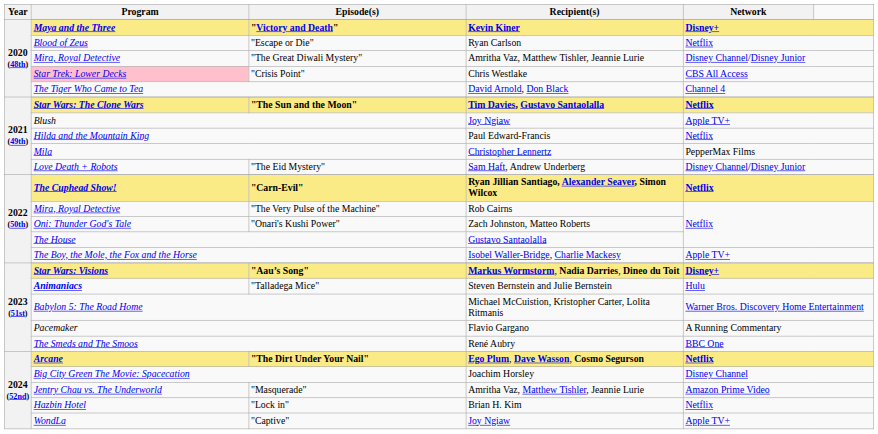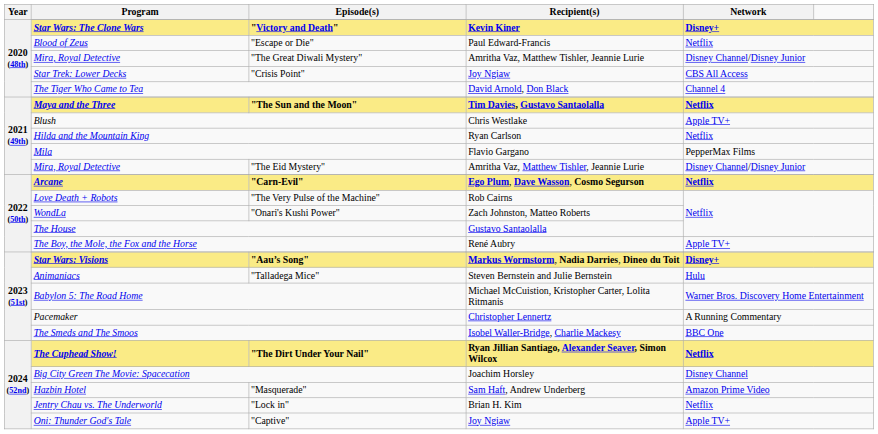 <table class="wikitable" style="width:90%;">
 <tr>
 <th style="width:3%;">Year</th>
 <th style="width:25%;">Program</th>
 <th style="width:25%;">Episode(s)</th>
 <th style="width:25%;">Recipient(s)</th>
 <th style="width:15%;">Network</th>
 <td></td>
 </tr>
 <tr>
 <th rowspan="6" style="text-align:center;">2020 <br><small>(<a href='#'>48th</a>)</small><br></th>
 </tr>
 <tr style="background:#FAEB86;">
-<td><strong><em><a href='#'>Maya and the Three</a></em></strong></td>
+<td><strong><em><a href='#'>Star Wars: The Clone Wars</a></em></strong></td>
 <td><strong>"<a href='#'>Victory and Death</a>"</strong></td>
 <td><strong><a href='#'>Kevin Kiner</a></strong></td>
 <td colspan="2"><strong><a href='#'>Disney+</a></strong></td>
 </tr>
 <tr>
 <td><em><a href='#'>Blood of Zeus</a></em></td>
 <td>"Escape or Die"</td>
-<td>Ryan Carlson</td>
+<td>Paul Edward-Francis</td>
 <td colspan="2"><a href='#'>Netflix</a></td>
 </tr>
 <tr>
 <td><em><a href='#'>Mira, Royal Detective</a></em></td>
 <td>"The Great Diwali Mystery"</td>
 <td>Amritha Vaz, Matthew Tishler, Jeannie Lurie</td>
 <td colspan="2"><a href='#'>Disney Channel</a>/<a href='#'>Disney Junior</a></td>
 </tr>
 <tr>
-<td style="background: pink;"><em><a href='#'>Star Trek: Lower Decks</a></em></td>
+<td><em><a href='#'>Star Trek: Lower Decks</a></em></td>
 <td>"Crisis Point"</td>
-<td>Chris Westlake</td>
+<td><a href='#'>Joy Ngiaw</a></td>
 <td colspan="2"><a href='#'>CBS All Access</a></td>
 </tr>
 <tr>
 <td colspan="2"><em><a href='#'>The Tiger Who Came to Tea</a></em></td>
 <td><a href='#'>David Arnold</a>, <a href='#'>Don Black</a></td>
 <td colspan="2"><a href='#'>Channel 4</a></td>
 </tr>
 <tr>
 <th rowspan="6" style="text-align:center;">2021 <br><small>(<a href='#'>49th</a>)</small><br></th>
 </tr>
 <tr style="background:#FAEB86;">
-<td><strong><em><a href='#'>Star Wars: The Clone Wars</a></em></strong></td>
+<td><strong><em><a href='#'>Maya and the Three</a></em></strong></td>
 <td><strong>"The Sun and the Moon"</strong></td>
 <td><strong><a href='#'>Tim Davies</a>, <a href='#'>Gustavo Santaolalla</a></strong></td>
 <td colspan="2"><strong><a href='#'>Netflix</a></strong></td>
 </tr>
 <tr>
 <td colspan="2"><em>Blush</em></td>
-<td><a href='#'>Joy Ngiaw</a></td>
+<td>Chris Westlake</td>
 <td colspan="2"><a href='#'>Apple TV+</a></td>
 </tr>
 <tr>
 <td colspan="2"><em><a href='#'>Hilda and the Mountain King</a></em></td>
-<td>Paul Edward-Francis</td>
+<td>Ryan Carlson</td>
 <td colspan="2"><a href='#'>Netflix</a></td>
 </tr>
 <tr>
 <td colspan="2"><em><a href='#'>Mila</a></em></td>
-<td><a href='#'>Christopher Lennertz</a></td>
+<td>Flavio Gargano</td>
 <td colspan="2">PepperMax Films</td>
 </tr>
 <tr>
-<td><em><a href='#'>Love Death + Robots</a></em></td>
+<td><em><a href='#'>Mira, Royal Detective</a></em></td>
 <td>"The Eid Mystery"</td>
-<td><a href='#'>Sam Haft</a>, Andrew Underberg</td>
+<td>Amritha Vaz, <a href='#'>Matthew Tishler</a>, Jeannie Lurie</td>
 <td colspan="2"><a href='#'>Disney Channel</a>/<a href='#'>Disney Junior</a></td>
 </tr>
 <tr>
 <th rowspan="6" style="text-align:center;">2022 <br><small>(<a href='#'>50th</a>)</small><br></th>
 </tr>
 <tr>
-<td style="background:#FAEB86;"><strong><em><a href='#'>The Cuphead Show!</a></em></strong></td>
+<td style="background:#FAEB86;"><strong><em><a href='#'>Arcane</a></em></strong></td>
 <td style="background:#FAEB86;"><strong>"Carn-Evil"</strong></td>
-<td style="background:#FAEB86;"><strong>Ryan Jillian Santiago, <a href='#'>Alexander Seaver</a>, Simon Wilcox</strong></td>
+<td style="background:#FAEB86;"><strong><a href='#'>Ego Plum</a></strong>, <strong><a href='#'>Dave Wasson</a></strong>, <strong>Cosmo Segurson</strong></td>
 <td colspan="2" style="background:#FAEB86; "><strong><a href='#'>Netflix</a></strong></td>
 </tr>
 <tr>
-<td><em><a href='#'>Mira, Royal Detective</a></em></td>
+<td><em><a href='#'>Love Death + Robots</a></em></td>
 <td>"The Very Pulse of the Machine"</td>
 <td>Rob Cairns</td>
 <td colspan="2" rowspan="3"><a href='#'>Netflix</a></td>
 </tr>
 <tr>
-<td><em><a href='#'>Oni: Thunder God's Tale</a></em></td>
+<td><em><a href='#'>WondLa</a></em></td>
 <td>"Onari's Kushi Power"</td>
 <td>Zach Johnston, Matteo Roberts</td>
 </tr>
 <tr>
 <td colspan="2"><em><a href='#'>The House</a></em></td>
 <td><a href='#'>Gustavo Santaolalla</a></td>
 </tr>
 <tr>
 <td colspan="2"><em><a href='#'>The Boy, the Mole, the Fox and the Horse</a></em></td>
-<td><a href='#'>Isobel Waller-Bridge</a>, <a href='#'>Charlie Mackesy</a></td>
+<td>René Aubry</td>
 <td colspan="2"><a href='#'>Apple TV+</a></td>
 </tr>
 <tr>
 <th rowspan="6" style="text-align:center;">2023 <br><small>(<a href='#'>51st</a>)</small><br></th>
 </tr>
 <tr>
 <td style="background:#FAEB86;"><strong><em><a href='#'>Star Wars: Visions</a></em></strong></td>
 <td style="background:#FAEB86;"><strong>"Aau’s Song"</strong></td>
 <td style="background:#FAEB86;"><strong><a href='#'>Markus Wormstorm</a></strong>, <strong>Nadia Darries</strong>, <strong>Dineo du Toit</strong></td>
 <td colspan="2" style="background:#FAEB86; "><strong><a href='#'>Disney+</a></strong></td>
 </tr>
 <tr>
-<td><strong><em><a href='#'>Animaniacs</a></em></strong></td>
+<td><em><a href='#'>Animaniacs</a></em></td>
 <td>"Talladega Mice"</td>
 <td>Steven Bernstein and Julie Bernstein</td>
 <td colspan="2"><a href='#'>Hulu</a></td>
 </tr>
 <tr>
 <td colspan="2"><em><a href='#'>Babylon 5: The Road Home</a></em></td>
 <td>Michael McCuistion, Kristopher Carter, Lolita Ritmanis</td>
 <td colspan="2"><a href='#'>Warner Bros. Discovery Home Entertainment</a></td>
 </tr>
 <tr>
 <td colspan="2"><em>Pacemaker</em></td>
-<td>Flavio Gargano</td>
+<td><a href='#'>Christopher Lennertz</a></td>
 <td colspan="2">A Running Commentary</td>
 </tr>
 <tr>
 <td colspan="2"><em><a href='#'>The Smeds and The Smoos</a></em></td>
-<td>René Aubry</td>
+<td><a href='#'>Isobel Waller-Bridge</a>, <a href='#'>Charlie Mackesy</a></td>
 <td colspan="2"><a href='#'>BBC One</a></td>
 </tr>
 <tr>
 <th rowspan="5" style="text-align:center;">2024 <br><small>(<a href='#'>52nd</a>)</small><br></th>
-<td style="background:#FAEB86;"><strong><em><a href='#'>Arcane</a></em></strong></td>
+<td style="background:#FAEB86;"><strong><em><a href='#'>The Cuphead Show!</a></em></strong></td>
 <td style="background:#FAEB86;"><strong>"The Dirt Under Your Nail"</strong></td>
-<td style="background:#FAEB86;"><strong><a href='#'>Ego Plum</a></strong>, <strong><a href='#'>Dave Wasson</a></strong>, <strong>Cosmo Segurson</strong></td>
+<td style="background:#FAEB86;"><strong>Ryan Jillian Santiago, <a href='#'>Alexander Seaver</a>, Simon Wilcox</strong></td>
 <td colspan="2" style="background:#FAEB86; "><strong><a href='#'>Netflix</a></strong></td>
 </tr>
 <tr>
 <td colspan="2"><em><a href='#'>Big City Green The Movie: Spacecation</a></em></td>
 <td>Joachim Horsley</td>
 <td colspan="2"><a href='#'>Disney Channel</a></td>
 </tr>
 <tr>
-<td><em><a href='#'>Jentry Chau vs. The Underworld</a></em></td>
+<td><em><a href='#'>Hazbin Hotel</a></em></td>
 <td>"Masquerade"</td>
-<td>Amritha Vaz, <a href='#'>Matthew Tishler</a>, Jeannie Lurie</td>
+<td><a href='#'>Sam Haft</a>, Andrew Underberg</td>
 <td colspan="2"><a href='#'>Amazon Prime Video</a></td>
 </tr>
 <tr>
-<td><em><a href='#'>Hazbin Hotel</a></em></td>
+<td><em><a href='#'>Jentry Chau vs. The Underworld</a></em></td>
 <td>"Lock in"</td>
 <td>Brian H. Kim</td>
 <td colspan="2"><a href='#'>Netflix</a></td>
 </tr>
 <tr>
-<td><em><a href='#'>WondLa</a></em></td>
+<td><em><a href='#'>Oni: Thunder God's Tale</a></em></td>
 <td>"Captive"</td>
 <td><a href='#'>Joy Ngiaw</a></td>
 <td colspan="2"><a href='#'>Apple TV+</a></td>
 </tr>
 </table>
